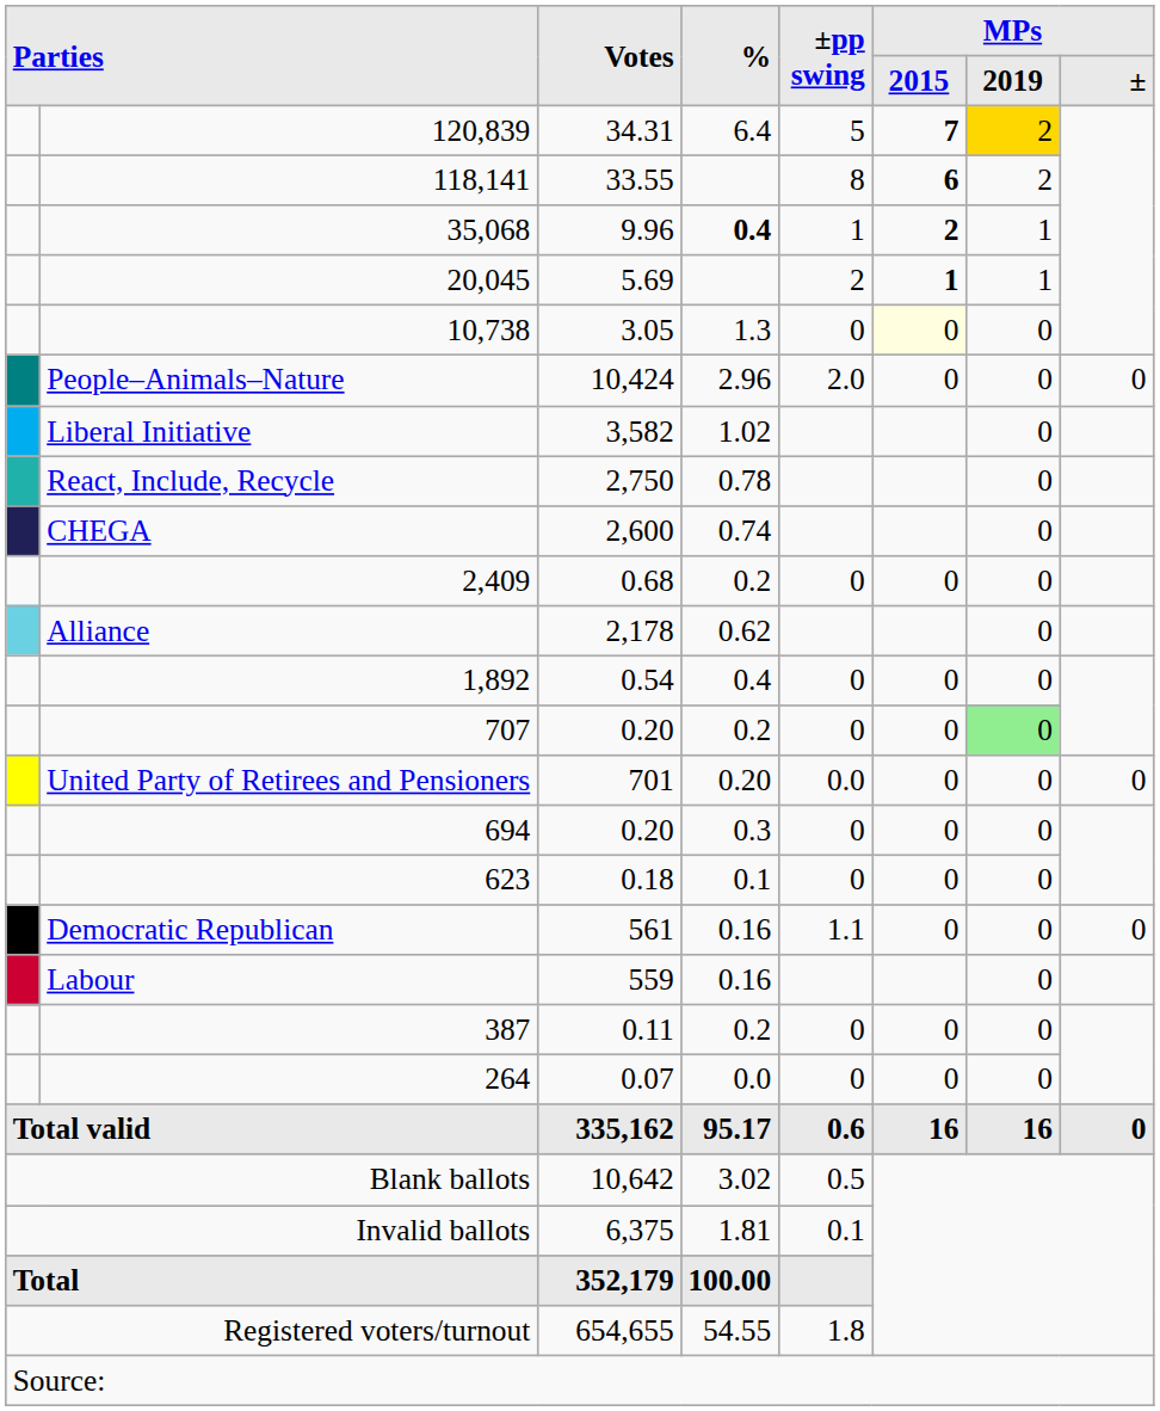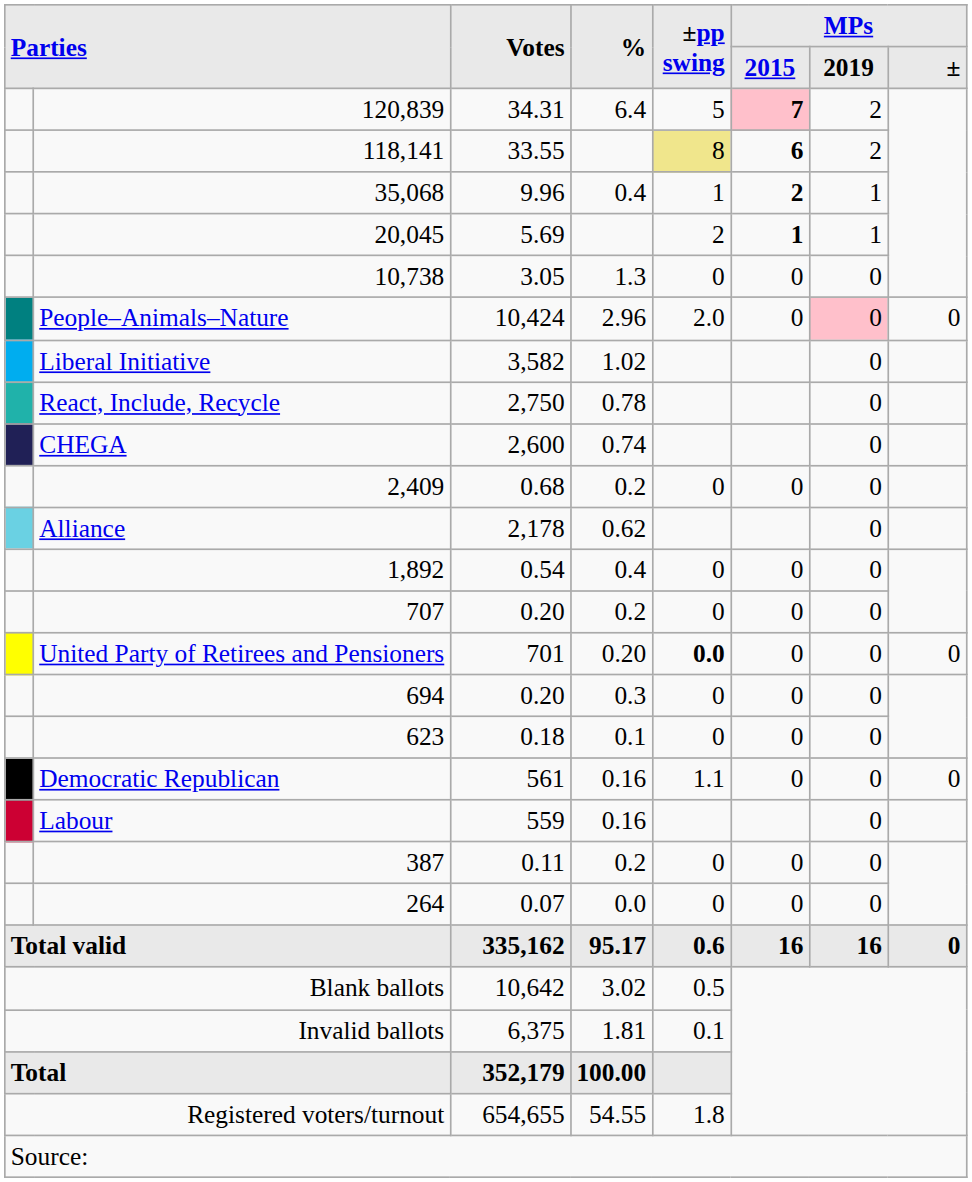 <table class="wikitable" style="text-align:right; font-size:95%;">
 <tr>
 <th rowspan="2" colspan="2" style="background:#e9e9e9; text-align:left;" alignleft><a href='#'>Parties</a></th>
 <th rowspan="2" style="background:#e9e9e9; text-align:right;">Votes</th>
 <th rowspan="2" style="background:#e9e9e9; text-align:right;">%</th>
 <th rowspan="2" style="background:#e9e9e9; text-align:right;">±<a href='#'>pp</a> <a href='#'>swing</a></th>
 <th colspan="3" style="background:#e9e9e9; text-align:center;"><a href='#'>MPs</a></th>
 </tr>
 <tr style="background-color:#E9E9E9">
 <th style="background-color:#E9E9E9;text-align:center;"><a href='#'>2015</a></th>
 <th style="background-color:#E9E9E9;text-align:center;">2019</th>
 <th style="background:#e9e9e9; text-align:right;">±</th>
 </tr>
 <tr>
 <td></td>
 <td>120,839</td>
 <td>34.31</td>
 <td>6.4</td>
 <td>5</td>
-<td><strong>7</strong></td>
-<td style="background: gold;">2</td>
+<td style="background: pink;"><strong>7</strong></td>
+<td>2</td>
 </tr>
 <tr>
 <td></td>
 <td>118,141</td>
 <td>33.55</td>
 <td></td>
-<td>8</td>
+<td style="background: khaki;">8</td>
 <td><strong>6</strong></td>
 <td>2</td>
 </tr>
 <tr>
 <td></td>
 <td>35,068</td>
 <td>9.96</td>
-<td><strong>0.4</strong></td>
+<td>0.4</td>
 <td>1</td>
 <td><strong>2</strong></td>
 <td>1</td>
 </tr>
 <tr>
 <td></td>
 <td>20,045</td>
 <td>5.69</td>
 <td></td>
 <td>2</td>
 <td><strong>1</strong></td>
 <td>1</td>
 </tr>
 <tr>
 <td></td>
 <td>10,738</td>
 <td>3.05</td>
 <td>1.3</td>
 <td>0</td>
-<td style="background: lightyellow;">0</td>
+<td>0</td>
 <td>0</td>
 </tr>
 <tr>
 <td style="width: 10px" bgcolor="teal" align="center"></td>
 <td align="left"><a href='#'>People–Animals–Nature</a></td>
 <td>10,424</td>
 <td>2.96</td>
 <td>2.0</td>
 <td>0</td>
-<td>0</td>
+<td style="background: pink;">0</td>
 <td>0</td>
 </tr>
 <tr>
 <td style="width: 10px" bgcolor="#00ADEF" align="center"></td>
 <td align="left"><a href='#'>Liberal Initiative</a></td>
 <td>3,582</td>
 <td>1.02</td>
 <td></td>
 <td></td>
 <td>0</td>
 <td></td>
 </tr>
 <tr>
 <td style="width: 10px" bgcolor=LightSeaGreen align="center"></td>
 <td align=left><a href='#'>React, Include, Recycle</a></td>
 <td>2,750</td>
 <td>0.78</td>
 <td></td>
 <td></td>
 <td>0</td>
 <td></td>
 </tr>
 <tr>
 <td style="width: 10px" bgcolor="#202056" align="center"></td>
 <td align="left"><a href='#'>CHEGA</a></td>
 <td>2,600</td>
 <td>0.74</td>
 <td></td>
 <td></td>
 <td>0</td>
 <td></td>
 </tr>
 <tr>
 <td></td>
 <td>2,409</td>
 <td>0.68</td>
 <td>0.2</td>
 <td>0</td>
 <td>0</td>
 <td>0</td>
 </tr>
 <tr>
 <td style="width: 10px" bgcolor="#6AD1E3" align="center"></td>
 <td align="left"><a href='#'>Alliance</a></td>
 <td>2,178</td>
 <td>0.62</td>
 <td></td>
 <td></td>
 <td>0</td>
 <td></td>
 </tr>
 <tr>
 <td></td>
 <td>1,892</td>
 <td>0.54</td>
 <td>0.4</td>
 <td>0</td>
 <td>0</td>
 <td>0</td>
 </tr>
 <tr>
 <td></td>
 <td>707</td>
 <td>0.20</td>
 <td>0.2</td>
 <td>0</td>
 <td>0</td>
-<td style="background: lightgreen;">0</td>
+<td>0</td>
 </tr>
 <tr>
 <td style="width: 10px" bgcolor=yellow align="center"></td>
 <td align=left><a href='#'>United Party of Retirees and Pensioners</a></td>
 <td>701</td>
 <td>0.20</td>
-<td>0.0</td>
+<td><strong>0.0</strong></td>
 <td>0</td>
 <td>0</td>
 <td>0</td>
 </tr>
 <tr>
 <td></td>
 <td>694</td>
 <td>0.20</td>
 <td>0.3</td>
 <td>0</td>
 <td>0</td>
 <td>0</td>
 </tr>
 <tr>
 <td></td>
 <td>623</td>
 <td>0.18</td>
 <td>0.1</td>
 <td>0</td>
 <td>0</td>
 <td>0</td>
 </tr>
 <tr>
 <td style="width: 10px" bgcolor=black align="center"></td>
 <td align=left><a href='#'>Democratic Republican</a></td>
 <td>561</td>
 <td>0.16</td>
 <td>1.1</td>
 <td>0</td>
 <td>0</td>
 <td>0</td>
 </tr>
 <tr>
 <td style="width: 10px" bgcolor=#CC0033 align="center"></td>
 <td align=left><a href='#'>Labour</a></td>
 <td>559</td>
 <td>0.16</td>
 <td></td>
 <td></td>
 <td>0</td>
 <td></td>
 </tr>
 <tr>
 <td></td>
 <td>387</td>
 <td>0.11</td>
 <td>0.2</td>
 <td>0</td>
 <td>0</td>
 <td>0</td>
 </tr>
 <tr>
 <td></td>
 <td>264</td>
 <td>0.07</td>
 <td>0.0</td>
 <td>0</td>
 <td>0</td>
 <td>0</td>
 </tr>
 <tr>
 <td colspan=2 align=left style="background-color:#E9E9E9"><strong>Total valid</strong></td>
 <td width="65" align="right" style="background-color:#E9E9E9"><strong>335,162</strong></td>
 <td width="40" align="right" style="background-color:#E9E9E9"><strong>95.17</strong></td>
 <td width="40" align="right" style="background-color:#E9E9E9"><strong>0.6</strong></td>
 <td width="40" align="right" style="background-color:#E9E9E9"><strong>16</strong></td>
 <td width="40" align="right" style="background-color:#E9E9E9"><strong>16</strong></td>
 <td width="40" align="right" style="background-color:#E9E9E9"><strong>0</strong></td>
 </tr>
 <tr>
 <td colspan=2>Blank ballots</td>
 <td>10,642</td>
 <td>3.02</td>
 <td>0.5</td>
 <td colspan=4 rowspan=4></td>
 </tr>
 <tr>
 <td colspan=2>Invalid ballots</td>
 <td>6,375</td>
 <td>1.81</td>
 <td>0.1</td>
 </tr>
 <tr>
 <td colspan=2 width="259" align=left style="background-color:#E9E9E9"><strong>Total</strong></td>
 <td width="50" align="right" style="background-color:#E9E9E9"><strong>352,179</strong></td>
 <td width="40" align="right" style="background-color:#E9E9E9"><strong>100.00</strong></td>
 <td width="40" align="right" style="background-color:#E9E9E9"></td>
 </tr>
 <tr>
 <td colspan=2>Registered voters/turnout</td>
 <td>654,655</td>
 <td>54.55</td>
 <td>1.8</td>
 </tr>
 <tr>
 <td colspan=11 align=left>Source: </td>
 </tr>
 </table>
